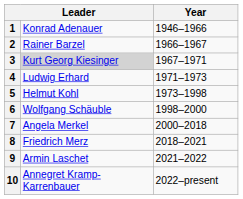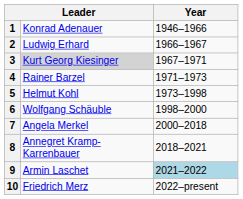 <table class="wikitable">
 <tr>
 <th colspan=2>Leader</th>
 <th>Year</th>
 </tr>
 <tr>
 <th style="background:">1</th>
 <td style="width:200px;"><a href='#'>Konrad Adenauer</a></td>
 <td style="width:125px;">1946–1966</td>
 </tr>
 <tr>
 <th style="background:">2</th>
-<td style="width:200px;"><a href='#'>Rainer Barzel</a></td>
+<td style="width:200px;"><a href='#'>Ludwig Erhard</a></td>
 <td style="width:125px;">1966–1967</td>
 </tr>
 <tr>
 <th style="background:">3</th>
 <td style="background: lightgrey; width:200px;"><a href='#'>Kurt Georg Kiesinger</a></td>
 <td style="width:125px;">1967–1971</td>
 </tr>
 <tr>
 <th style="background:">4</th>
-<td style="width:200px;"><a href='#'>Ludwig Erhard</a></td>
+<td style="width:200px;"><a href='#'>Rainer Barzel</a></td>
 <td style="width:125px;">1971–1973</td>
 </tr>
 <tr>
 <th style="background:">5</th>
 <td style="width:200px;"><a href='#'>Helmut Kohl</a></td>
 <td style="width:125px;">1973–1998</td>
 </tr>
 <tr>
 <th style="background:">6</th>
 <td style="width:200px;"><a href='#'>Wolfgang Schäuble</a></td>
 <td style="width:125px;">1998–2000</td>
 </tr>
 <tr>
 <th style="background:">7</th>
 <td style="width:200px;"><a href='#'>Angela Merkel</a></td>
 <td style="width:125px;">2000–2018</td>
 </tr>
 <tr>
 <th style="background:">8</th>
-<td style="width:200px;"><a href='#'>Friedrich Merz</a></td>
+<td style="width:200px;"><a href='#'>Annegret Kramp-Karrenbauer</a></td>
 <td style="width:125px;">2018–2021</td>
 </tr>
 <tr>
 <th style="background:">9</th>
 <td style="width:200px;"><a href='#'>Armin Laschet</a></td>
-<td style="width:125px;">2021–2022</td>
+<td style="background: lightblue; width:125px;">2021–2022</td>
 </tr>
 <tr>
 <th style="background:">10</th>
-<td style="width:200px;"><a href='#'>Annegret Kramp-Karrenbauer</a></td>
+<td style="width:200px;"><a href='#'>Friedrich Merz</a></td>
 <td style="width:125px;">2022–present</td>
 </tr>
 </table>
